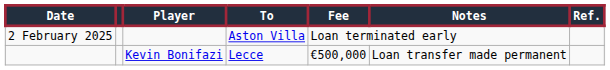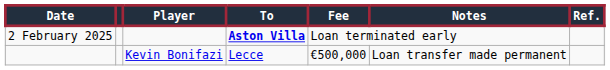 <table class="wikitable">
 <tr>
 <th style="background:#222F3E;color:white;border:3px solid #A22639">Date</th>
 <th style="background:#222F3E;color:white;border:3px solid #A22639"></th>
 <th style="background:#222F3E;color:white;border:3px solid #A22639">Player</th>
 <th style="background:#222F3E;color:white;border:3px solid #A22639">To</th>
 <th style="background:#222F3E;color:white;border:3px solid #A22639">Fee</th>
 <th style="background:#222F3E;color:white;border:3px solid #A22639">Notes</th>
 <th style="background:#222F3E;color:white;border:3px solid #A22639">Ref.</th>
 </tr>
 <tr>
 <td>2 February 2025</td>
 <td></td>
 <td></td>
-<td> <a href='#'>Aston Villa</a></td>
+<td><strong> <a href='#'>Aston Villa</a></strong></td>
 <td colspan="2">Loan terminated early</td>
 <td></td>
 </tr>
 <tr>
 <td></td>
 <td></td>
 <td> <a href='#'>Kevin Bonifazi</a></td>
 <td> <a href='#'>Lecce</a></td>
 <td>€500,000</td>
 <td>Loan transfer made permanent</td>
 <td></td>
 </tr>
 </table>
